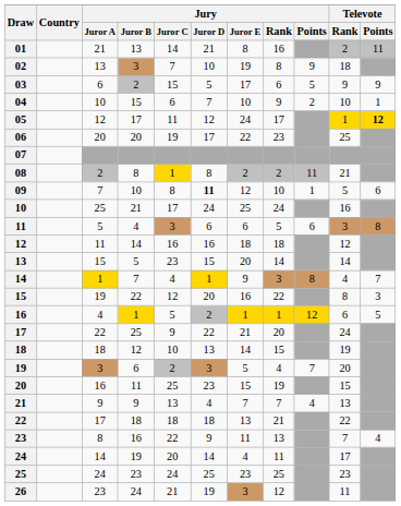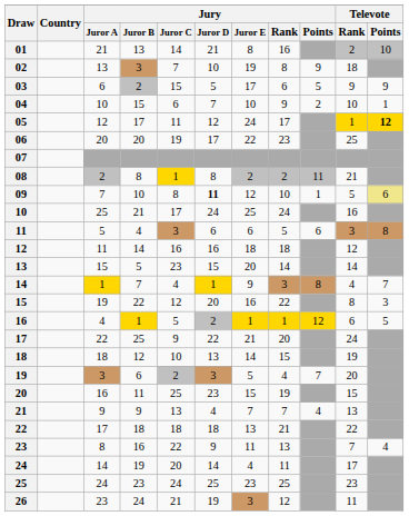 <table class="sortable wikitable collapsible plainrowheaders" style="text-align:center;">
 <tr>
 </tr>
 <tr>
 <th scope="col" rowspan="2">Draw</th>
 <th scope="col" rowspan="2">Country</th>
 <th scope="col" colspan="7">Jury</th>
 <th scope="col" colspan="2">Televote</th>
 </tr>
 <tr>
 <th scope="col"><small>Juror A</small></th>
 <th scope="col"><small>Juror B</small></th>
 <th scope="col"><small>Juror C</small></th>
 <th scope="col"><small>Juror D</small></th>
 <th scope="col"><small>Juror E</small></th>
 <th scope="col">Rank</th>
 <th scope="col" class="unsortable">Points</th>
 <th scope="col">Rank</th>
 <th scope="col" class="unsortable">Points</th>
 </tr>
 <tr>
 <th scope="row" style="text-align:center;">01</th>
 <td style="text-align:left;"></td>
 <td>21</td>
 <td>13</td>
 <td>14</td>
 <td>21</td>
 <td>8</td>
 <td>16</td>
 <td style="background:#AAAAAA;"></td>
 <td style="background:silver;">2</td>
-<td style="background:silver;">11</td>
+<td style="background:silver;">10</td>
 </tr>
 <tr>
 <th scope="row" style="text-align:center;">02</th>
 <td style="text-align:left;"></td>
 <td>13</td>
 <td style="background:#CC9966;">3</td>
 <td>7</td>
 <td>10</td>
 <td>19</td>
 <td>8</td>
 <td>9</td>
 <td>18</td>
 <td style="background:#AAAAAA;"></td>
 </tr>
 <tr>
 <th scope="row" style="text-align:center;">03</th>
 <td style="text-align:left;"></td>
 <td>6</td>
 <td style="background:silver;">2</td>
 <td>15</td>
 <td>5</td>
 <td>17</td>
 <td>6</td>
 <td>5</td>
 <td>9</td>
 <td>9</td>
 </tr>
 <tr>
 <th scope="row" style="text-align:center;">04</th>
 <td style="text-align:left;"></td>
 <td>10</td>
 <td>15</td>
 <td>6</td>
 <td>7</td>
 <td>10</td>
 <td>9</td>
 <td>2</td>
 <td>10</td>
 <td>1</td>
 </tr>
 <tr>
 <th scope="row" style="text-align:center;">05</th>
 <td style="text-align:left;"></td>
 <td>12</td>
 <td>17</td>
 <td>11</td>
 <td>12</td>
 <td>24</td>
 <td>17</td>
 <td style="background:#AAAAAA;"></td>
 <td style="background:gold;">1</td>
 <td style="background:gold;"><strong>12</strong></td>
 </tr>
 <tr>
 <th scope="row" style="text-align:center;">06</th>
 <td style="text-align:left;"></td>
 <td>20</td>
 <td>20</td>
 <td>19</td>
 <td>17</td>
 <td>22</td>
 <td>23</td>
 <td style="background:#AAAAAA;"></td>
 <td>25</td>
 <td style="background:#AAAAAA;"></td>
 </tr>
 <tr class=sortbottom>
 <th scope="row" style="text-align:center;">07</th>
 <td style="text-align:left;"></td>
 <td style="background:#AAAAAA;"></td>
 <td style="background:#AAAAAA;"></td>
 <td style="background:#AAAAAA;"></td>
 <td style="background:#AAAAAA;"></td>
 <td style="background:#AAAAAA;"></td>
 <td style="background:#AAAAAA;"></td>
 <td style="background:#AAAAAA;"></td>
 <td style="background:#AAAAAA;"></td>
 <td style="background:#AAAAAA;"></td>
 </tr>
 <tr>
 <th scope="row" style="text-align:center;">08</th>
 <td style="text-align:left;"></td>
 <td style="background:silver;">2</td>
 <td>8</td>
 <td style="background:gold;">1</td>
 <td>8</td>
 <td style="background:silver;">2</td>
 <td style="background:silver;">2</td>
 <td style="background:silver;">11</td>
 <td>21</td>
 <td style="background:#AAAAAA;"></td>
 </tr>
 <tr>
 <th scope="row" style="text-align:center;">09</th>
 <td style="text-align:left;"></td>
 <td>7</td>
 <td>10</td>
 <td>8</td>
 <td><strong>11</strong></td>
 <td>12</td>
 <td>10</td>
 <td>1</td>
 <td>5</td>
-<td>6</td>
+<td style="background: khaki;">6</td>
 </tr>
 <tr>
 <th scope="row" style="text-align:center;">10</th>
 <td style="text-align:left;"></td>
 <td>25</td>
 <td>21</td>
 <td>17</td>
 <td>24</td>
 <td>25</td>
 <td>24</td>
 <td style="background:#AAAAAA;"></td>
 <td>16</td>
 <td style="background:#AAAAAA;"></td>
 </tr>
 <tr>
 <th scope="row" style="text-align:center;">11</th>
 <td style="text-align:left;"></td>
 <td>5</td>
 <td>4</td>
 <td style="background:#CC9966;">3</td>
 <td>6</td>
 <td>6</td>
 <td>5</td>
 <td>6</td>
 <td style="background:#CC9966;">3</td>
 <td style="background:#CC9966;">8</td>
 </tr>
 <tr>
 <th scope="row" style="text-align:center;">12</th>
 <td style="text-align:left;"></td>
 <td>11</td>
 <td>14</td>
 <td>16</td>
 <td>16</td>
 <td>18</td>
 <td>18</td>
 <td style="background:#AAAAAA;"></td>
 <td>12</td>
 <td style="background:#AAAAAA;"></td>
 </tr>
 <tr>
 <th scope="row" style="text-align:center;">13</th>
 <td style="text-align:left;"></td>
 <td>15</td>
 <td>5</td>
 <td>23</td>
 <td>15</td>
 <td>20</td>
 <td>14</td>
 <td style="background:#AAAAAA;"></td>
 <td>14</td>
 <td style="background:#AAAAAA;"></td>
 </tr>
 <tr>
 <th scope="row" style="text-align:center;">14</th>
 <td style="text-align:left;"></td>
 <td style="background:gold;">1</td>
 <td>7</td>
 <td>4</td>
 <td style="background:gold;">1</td>
 <td>9</td>
 <td style="background:#CC9966;">3</td>
 <td style="background:#CC9966;">8</td>
 <td>4</td>
 <td>7</td>
 </tr>
 <tr>
 <th scope="row" style="text-align:center;">15</th>
 <td style="text-align:left;"></td>
 <td>19</td>
 <td>22</td>
 <td>12</td>
 <td>20</td>
 <td>16</td>
 <td>22</td>
 <td style="background:#AAAAAA;"></td>
 <td>8</td>
 <td>3</td>
 </tr>
 <tr>
 <th scope="row" style="text-align:center;">16</th>
 <td style="text-align:left;"></td>
 <td>4</td>
 <td style="background:gold;">1</td>
 <td>5</td>
 <td style="background:silver;">2</td>
 <td style="background:gold;">1</td>
 <td style="background:gold;">1</td>
 <td style="background:gold;">12</td>
 <td>6</td>
 <td>5</td>
 </tr>
 <tr>
 <th scope="row" style="text-align:center;">17</th>
 <td style="text-align:left;"></td>
 <td>22</td>
 <td>25</td>
 <td>9</td>
 <td>22</td>
 <td>21</td>
 <td>20</td>
 <td style="background:#AAAAAA;"></td>
 <td>24</td>
 <td style="background:#AAAAAA;"></td>
 </tr>
 <tr>
 <th scope="row" style="text-align:center;">18</th>
 <td style="text-align:left;"></td>
 <td>18</td>
 <td>12</td>
 <td>10</td>
 <td>13</td>
 <td>14</td>
 <td>15</td>
 <td style="background:#AAAAAA;"></td>
 <td>19</td>
 <td style="background:#AAAAAA;"></td>
 </tr>
 <tr>
 <th scope="row" style="text-align:center;">19</th>
 <td style="text-align:left;"></td>
 <td style="background:#CC9966;">3</td>
 <td>6</td>
 <td style="background:silver;">2</td>
 <td style="background:#CC9966;">3</td>
 <td>5</td>
 <td>4</td>
 <td>7</td>
 <td>20</td>
 <td style="background:#AAAAAA;"></td>
 </tr>
 <tr>
 <th scope="row" style="text-align:center;">20</th>
 <td style="text-align:left;"></td>
 <td>16</td>
 <td>11</td>
 <td>25</td>
 <td>23</td>
 <td>15</td>
 <td>19</td>
 <td style="background:#AAAAAA;"></td>
 <td>15</td>
 <td style="background:#AAAAAA;"></td>
 </tr>
 <tr>
 <th scope="row" style="text-align:center;">21</th>
 <td style="text-align:left;"></td>
 <td>9</td>
 <td>9</td>
 <td>13</td>
 <td>4</td>
 <td>7</td>
 <td>7</td>
 <td>4</td>
 <td>13</td>
 <td style="background:#AAAAAA;"></td>
 </tr>
 <tr>
 <th scope="row" style="text-align:center;">22</th>
 <td style="text-align:left;"></td>
 <td>17</td>
 <td>18</td>
 <td>18</td>
 <td>18</td>
 <td>13</td>
 <td>21</td>
 <td style="background:#AAAAAA;"></td>
 <td>22</td>
 <td style="background:#AAAAAA;"></td>
 </tr>
 <tr>
 <th scope="row" style="text-align:center;">23</th>
 <td style="text-align:left;"></td>
 <td>8</td>
 <td>16</td>
 <td>22</td>
 <td>9</td>
 <td>11</td>
 <td>13</td>
 <td style="background:#AAAAAA;"></td>
 <td>7</td>
 <td>4</td>
 </tr>
 <tr>
 <th scope="row" style="text-align:center;">24</th>
 <td style="text-align:left;"></td>
 <td>14</td>
 <td>19</td>
 <td>20</td>
 <td>14</td>
 <td>4</td>
 <td>11</td>
 <td style="background:#AAAAAA;"></td>
 <td>17</td>
 <td style="background:#AAAAAA;"></td>
 </tr>
 <tr>
 <th scope="row" style="text-align:center;">25</th>
 <td style="text-align:left;"></td>
 <td>24</td>
 <td>23</td>
 <td>24</td>
 <td>25</td>
 <td>23</td>
 <td>25</td>
 <td style="background:#AAAAAA;"></td>
 <td>23</td>
 <td style="background:#AAAAAA;"></td>
 </tr>
 <tr>
 <th scope="row" style="text-align:center;">26</th>
 <td style="text-align:left;"></td>
 <td>23</td>
 <td>24</td>
 <td>21</td>
 <td>19</td>
 <td style="background:#CC9966;">3</td>
 <td>12</td>
 <td style="background:#AAAAAA;"></td>
 <td>11</td>
 <td style="background:#AAAAAA;"></td>
 </tr>
 </table>
